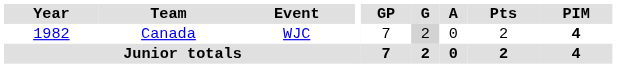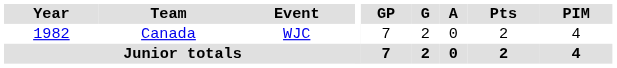 <table border="0" cellpadding="1" cellspacing="0" ID="Table3" style="text-align:center; width:40em">
 <tr bgcolor="#e0e0e0">
 <th>Year</th>
 <th>Team</th>
 <th>Event</th>
 <th rowspan="102" bgcolor="#ffffff"></th>
 <th>GP</th>
 <th>G</th>
 <th>A</th>
 <th>Pts</th>
 <th>PIM</th>
 </tr>
 <tr>
 <td><a href='#'>1982</a></td>
 <td><a href='#'>Canada</a></td>
 <td><a href='#'>WJC</a></td>
 <td>7</td>
-<td style="background: lightgrey;">2</td>
+<td>2</td>
 <td>0</td>
 <td>2</td>
-<td><strong>4</strong></td>
+<td>4</td>
 </tr>
 <tr bgcolor="#e0e0e0">
 <th colspan="4">Junior totals</th>
 <th>7</th>
 <th>2</th>
 <th>0</th>
 <th>2</th>
 <th>4</th>
 </tr>
 </table>
